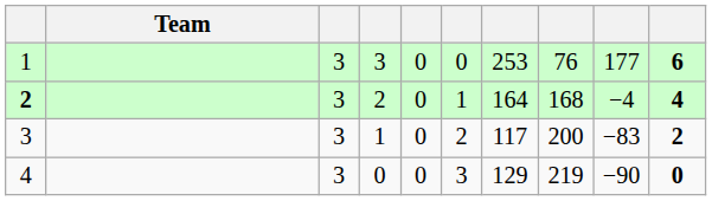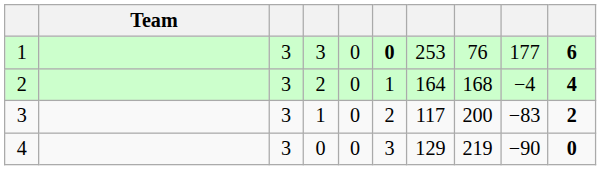 <table class=wikitable style=text-align:center>
 <tr>
 <th width=20 abbr=Position></th>
 <th width=175>Team</th>
 <th width=20 abbr=Played></th>
 <th width=20 abbr=Won></th>
 <th width=20 abbr=Drawn></th>
 <th width=20 abbr=Lost></th>
 <th width=30 abbr=Goal For></th>
 <th width=30 abbr=Goal Against></th>
 <th width=30 abbr=Goal Difference></th>
 <th width=30 abbr=Points></th>
 </tr>
 <tr bgcolor=#CCFFCC>
 <td>1 </td>
 <td align=left></td>
 <td>3</td>
 <td>3</td>
 <td>0</td>
-<td>0</td>
+<td><strong>0</strong></td>
 <td>253</td>
 <td>76</td>
 <td>177</td>
 <td><strong>6</strong></td>
 </tr>
 <tr bgcolor=#CCFFCC>
-<td><strong>2 </strong></td>
+<td>2 </td>
 <td align=left></td>
 <td>3</td>
 <td>2</td>
 <td>0</td>
 <td>1</td>
 <td>164</td>
 <td>168</td>
 <td>−4</td>
 <td><strong>4</strong></td>
 </tr>
 <tr>
 <td>3 </td>
 <td align=left></td>
 <td>3</td>
 <td>1</td>
 <td>0</td>
 <td>2</td>
 <td>117</td>
 <td>200</td>
 <td>−83</td>
 <td><strong>2</strong></td>
 </tr>
 <tr>
 <td>4 </td>
 <td align=left></td>
 <td>3</td>
 <td>0</td>
 <td>0</td>
 <td>3</td>
 <td>129</td>
 <td>219</td>
 <td>−90</td>
 <td><strong>0</strong></td>
 </tr>
 </table>
